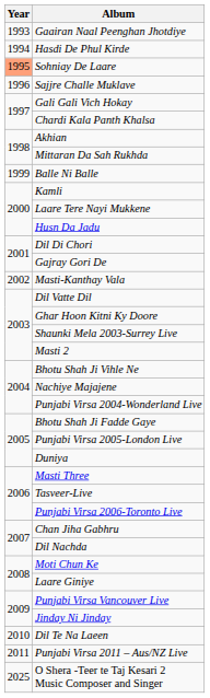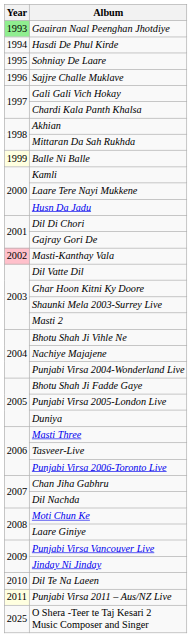 <table class="wikitable">
 <tr>
 <th>Year</th>
 <th>Album</th>
 </tr>
 <tr>
-<td>1993</td>
+<td style="background: lightgreen;">1993</td>
 <td><em>Gaairan Naal Peenghan Jhotdiye</em></td>
 </tr>
 <tr>
 <td>1994</td>
 <td><em>Hasdi De Phul Kirde</em></td>
 </tr>
 <tr>
-<td style="background: lightsalmon;">1995</td>
+<td>1995</td>
 <td><em>Sohniay De Laare</em></td>
 </tr>
 <tr>
 <td>1996</td>
 <td><em>Sajjre Challe Muklave</em></td>
 </tr>
 <tr>
 <td rowspan="2">1997</td>
 <td><em>Gali Gali Vich Hokay</em></td>
 </tr>
 <tr>
 <td><em>Chardi Kala Panth Khalsa</em></td>
 </tr>
 <tr>
 <td rowspan="2">1998</td>
 <td><em>Akhian</em></td>
 </tr>
 <tr>
 <td><em>Mittaran Da Sah Rukhda</em></td>
 </tr>
 <tr>
-<td>1999</td>
+<td style="background: lightyellow;">1999</td>
 <td><em>Balle Ni Balle</em></td>
 </tr>
 <tr>
 <td rowspan="3">2000</td>
 <td><em>Kamli</em></td>
 </tr>
 <tr>
 <td><em>Laare Tere Nayi Mukkene</em></td>
 </tr>
 <tr>
 <td><em><a href='#'>Husn Da Jadu</a></em></td>
 </tr>
 <tr>
 <td rowspan="2">2001</td>
 <td><em>Dil Di Chori</em></td>
 </tr>
 <tr>
 <td><em>Gajray Gori De</em></td>
 </tr>
 <tr>
-<td>2002</td>
+<td style="background: pink;">2002</td>
 <td><em>Masti-Kanthay Vala</em></td>
 </tr>
 <tr>
 <td rowspan="4">2003</td>
 <td><em>Dil Vatte Dil</em></td>
 </tr>
 <tr>
 <td><em>Ghar Hoon Kitni Ky Doore</em></td>
 </tr>
 <tr>
 <td><em>Shaunki Mela 2003-Surrey Live</em></td>
 </tr>
 <tr>
 <td><em>Masti 2</em></td>
 </tr>
 <tr>
 <td rowspan="3">2004</td>
 <td><em>Bhotu Shah Ji Vihle Ne</em></td>
 </tr>
 <tr>
 <td><em>Nachiye Majajene</em></td>
 </tr>
 <tr>
 <td><em>Punjabi Virsa 2004-Wonderland Live</em></td>
 </tr>
 <tr>
 <td rowspan="3">2005</td>
 <td><em>Bhotu Shah Ji Fadde Gaye</em></td>
 </tr>
 <tr>
 <td><em>Punjabi Virsa 2005-London Live</em></td>
 </tr>
 <tr>
 <td><em>Duniya</em></td>
 </tr>
 <tr>
 <td rowspan="3">2006</td>
 <td><em><a href='#'>Masti Three</a></em></td>
 </tr>
 <tr>
 <td><em>Tasveer-Live</em></td>
 </tr>
 <tr>
 <td><em><a href='#'>Punjabi Virsa 2006-Toronto Live</a></em></td>
 </tr>
 <tr>
 <td rowspan="2">2007</td>
 <td><em>Chan Jiha Gabhru</em></td>
 </tr>
 <tr>
 <td><em>Dil Nachda</em></td>
 </tr>
 <tr>
 <td rowspan="2">2008</td>
 <td><em><a href='#'>Moti Chun Ke</a></em></td>
 </tr>
 <tr>
 <td><em>Laare Giniye</em></td>
 </tr>
 <tr>
 <td rowspan="2">2009</td>
 <td><em><a href='#'>Punjabi Virsa Vancouver Live</a></em></td>
 </tr>
 <tr>
 <td><em><a href='#'>Jinday Ni Jinday</a></em></td>
 </tr>
 <tr>
 <td>2010</td>
 <td><em>Dil Te Na Laeen</em></td>
 </tr>
 <tr>
-<td>2011</td>
+<td style="background: lightyellow;">2011</td>
 <td><em>Punjabi Virsa 2011 – Aus/NZ Live</em></td>
 </tr>
 <tr>
 <td>2025</td>
 <td>O Shera -Teer te Taj Kesari 2<br>Music Composer and Singer</td>
 </tr>
 </table>
